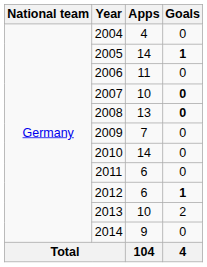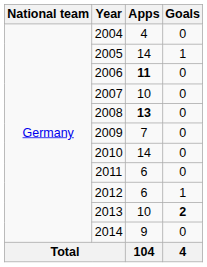 <table class=wikitable style=text-align:center>
 <tr>
 <th>National team</th>
 <th>Year</th>
 <th>Apps</th>
 <th>Goals</th>
 </tr>
 <tr>
 <td rowspan="11"><a href='#'>Germany</a></td>
 <td>2004</td>
 <td>4</td>
 <td>0</td>
 </tr>
 <tr>
 <td>2005</td>
 <td>14</td>
-<td><strong>1</strong></td>
+<td>1</td>
 </tr>
 <tr>
 <td>2006</td>
-<td>11</td>
+<td><strong>11</strong></td>
 <td>0</td>
 </tr>
 <tr>
 <td>2007</td>
 <td>10</td>
-<td><strong>0</strong></td>
+<td>0</td>
 </tr>
 <tr>
 <td>2008</td>
-<td>13</td>
-<td><strong>0</strong></td>
+<td><strong>13</strong></td>
+<td>0</td>
 </tr>
 <tr>
 <td>2009</td>
 <td>7</td>
 <td>0</td>
 </tr>
 <tr>
 <td>2010</td>
 <td>14</td>
 <td>0</td>
 </tr>
 <tr>
 <td>2011</td>
 <td>6</td>
 <td>0</td>
 </tr>
 <tr>
 <td>2012</td>
 <td>6</td>
-<td><strong>1</strong></td>
+<td>1</td>
 </tr>
 <tr>
 <td>2013</td>
 <td>10</td>
-<td>2</td>
+<td><strong>2</strong></td>
 </tr>
 <tr>
 <td>2014</td>
 <td>9</td>
 <td>0</td>
 </tr>
 <tr>
 <th colspan="2">Total</th>
 <th>104</th>
 <th>4</th>
 </tr>
 </table>
